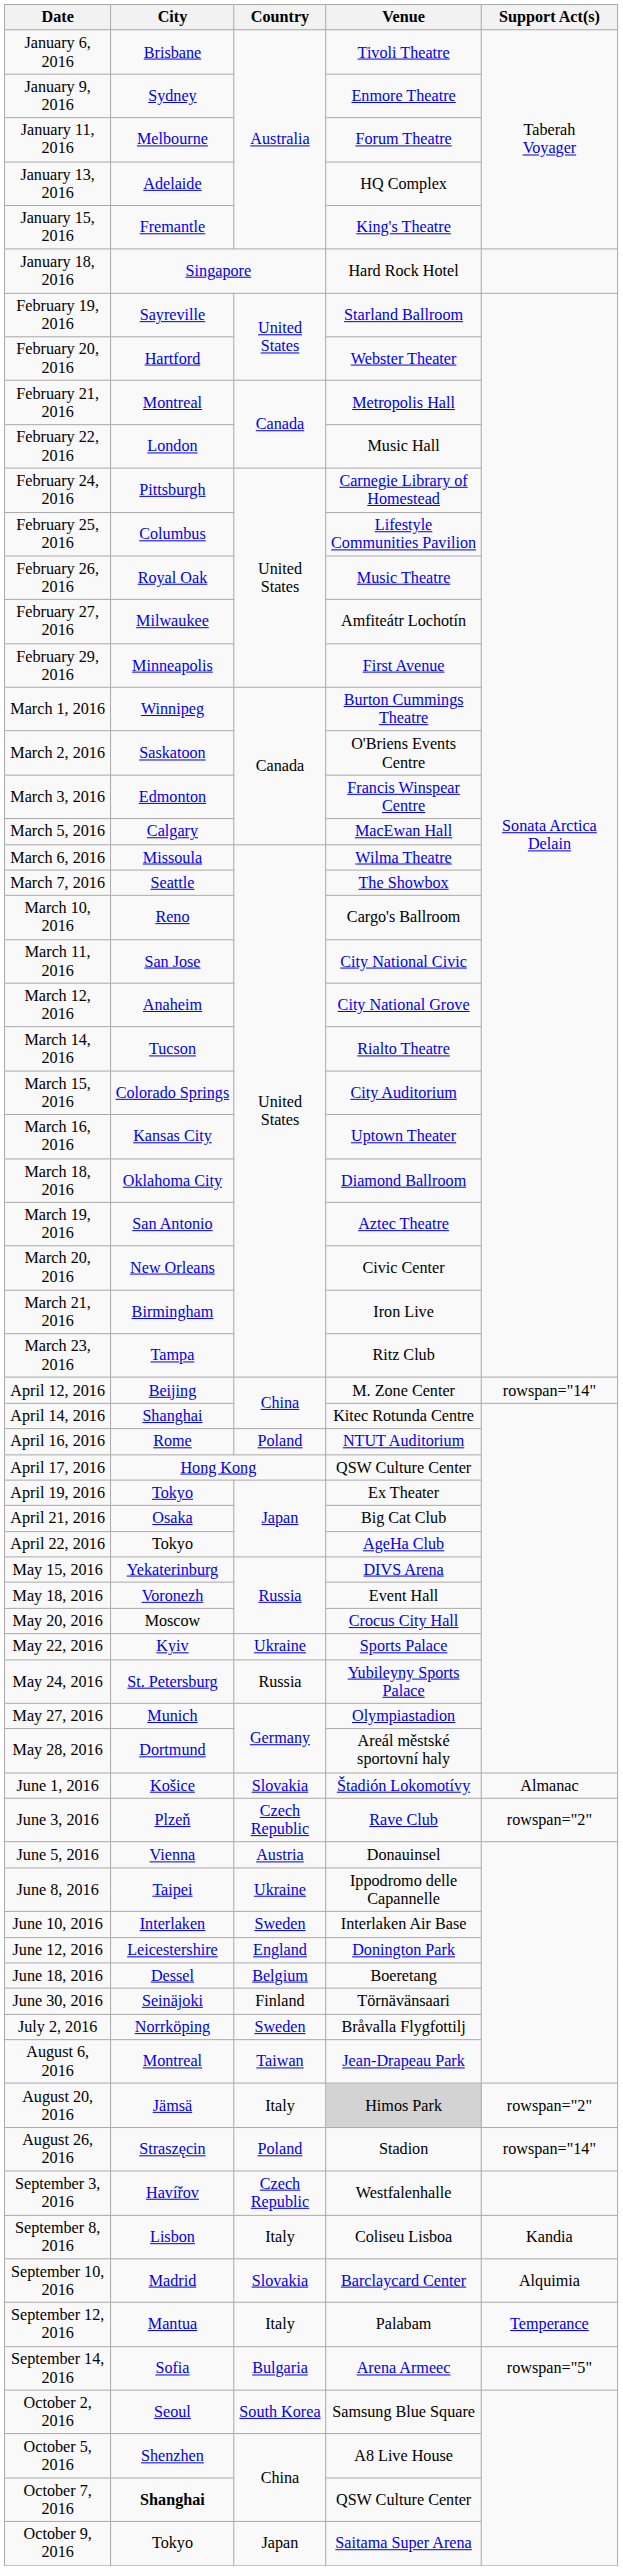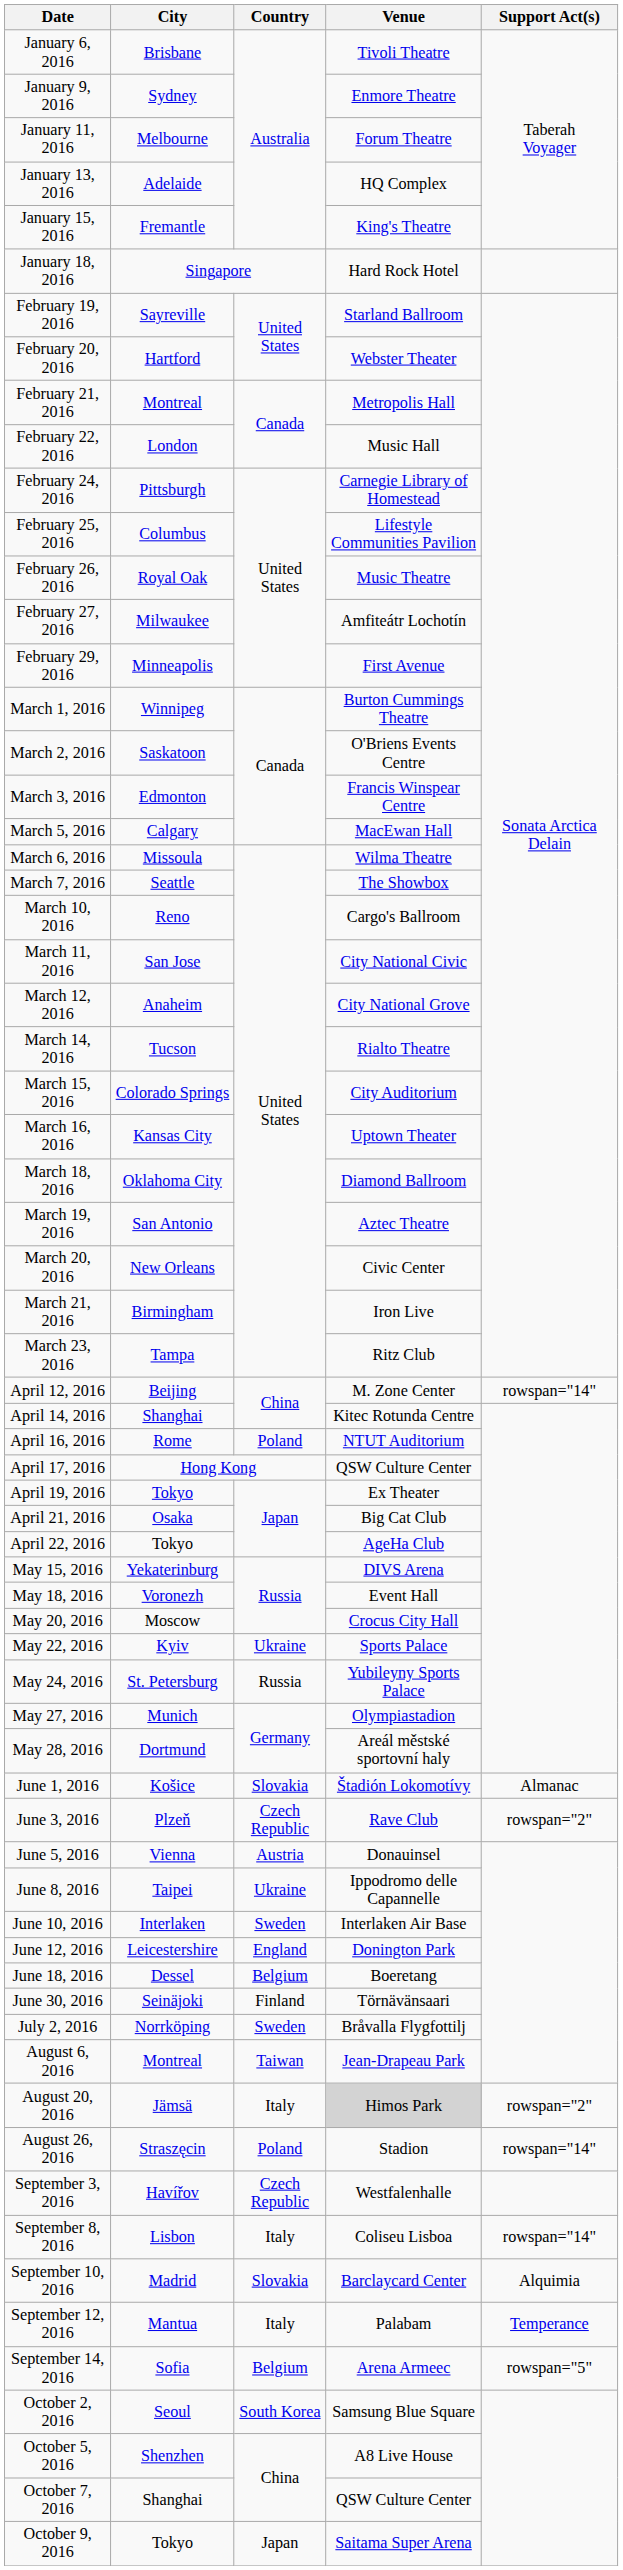 <table class="wikitable plainrowheaders" style="text-align:center;">
 <tr>
 <th scope="col" style="width:12em;">Date</th>
 <th scope="col" style="width:12em;">City</th>
 <th scope="col" style="width:10em;">Country</th>
 <th scope="col" style="width:18em;">Venue</th>
 <th scope="col" style="width:15em;">Support Act(s)</th>
 </tr>
 <tr>
 <td>January 6, 2016</td>
 <td><a href='#'>Brisbane</a></td>
 <td rowspan="5"><a href='#'>Australia</a></td>
 <td><a href='#'>Tivoli Theatre</a></td>
 <td rowspan="5">Taberah<br><a href='#'>Voyager</a></td>
 </tr>
 <tr>
 <td>January 9, 2016</td>
 <td><a href='#'>Sydney</a></td>
 <td><a href='#'>Enmore Theatre</a></td>
 </tr>
 <tr>
 <td>January 11, 2016</td>
 <td><a href='#'>Melbourne</a></td>
 <td><a href='#'>Forum Theatre</a></td>
 </tr>
 <tr>
 <td>January 13, 2016</td>
 <td><a href='#'>Adelaide</a></td>
 <td>HQ Complex</td>
 </tr>
 <tr>
 <td>January 15, 2016</td>
 <td><a href='#'>Fremantle</a></td>
 <td><a href='#'>King's Theatre</a></td>
 </tr>
 <tr>
 <td>January 18, 2016</td>
 <td colspan="2"><a href='#'>Singapore</a></td>
 <td>Hard Rock Hotel</td>
 <td></td>
 </tr>
 <tr>
 <td>February 19, 2016</td>
 <td><a href='#'>Sayreville</a></td>
 <td rowspan="2"><a href='#'>United States</a></td>
 <td><a href='#'>Starland Ballroom</a></td>
 <td rowspan="26"><a href='#'>Sonata Arctica</a><br><a href='#'>Delain</a></td>
 </tr>
 <tr>
 <td>February 20, 2016</td>
 <td><a href='#'>Hartford</a></td>
 <td><a href='#'>Webster Theater</a></td>
 </tr>
 <tr>
 <td>February 21, 2016</td>
 <td><a href='#'>Montreal</a></td>
 <td rowspan="2"><a href='#'>Canada</a></td>
 <td><a href='#'>Metropolis Hall</a></td>
 </tr>
 <tr>
 <td>February 22, 2016</td>
 <td><a href='#'>London</a></td>
 <td>Music Hall</td>
 </tr>
 <tr>
 <td>February 24, 2016</td>
 <td><a href='#'>Pittsburgh</a></td>
 <td rowspan="5">United States</td>
 <td><a href='#'>Carnegie Library of Homestead</a></td>
 </tr>
 <tr>
 <td>February 25, 2016</td>
 <td><a href='#'>Columbus</a></td>
 <td><a href='#'>Lifestyle Communities Pavilion</a></td>
 </tr>
 <tr>
 <td>February 26, 2016</td>
 <td><a href='#'>Royal Oak</a></td>
 <td><a href='#'>Music Theatre</a></td>
 </tr>
 <tr>
 <td>February 27, 2016</td>
 <td><a href='#'>Milwaukee</a></td>
 <td>Amfiteátr Lochotín</td>
 </tr>
 <tr>
 <td>February 29, 2016</td>
 <td><a href='#'>Minneapolis</a></td>
 <td><a href='#'>First Avenue</a></td>
 </tr>
 <tr>
 <td>March 1, 2016</td>
 <td><a href='#'>Winnipeg</a></td>
 <td rowspan="4">Canada</td>
 <td><a href='#'>Burton Cummings Theatre</a></td>
 </tr>
 <tr>
 <td>March 2, 2016</td>
 <td><a href='#'>Saskatoon</a></td>
 <td>O'Briens Events Centre</td>
 </tr>
 <tr>
 <td>March 3, 2016</td>
 <td><a href='#'>Edmonton</a></td>
 <td><a href='#'>Francis Winspear Centre</a></td>
 </tr>
 <tr>
 <td>March 5, 2016</td>
 <td><a href='#'>Calgary</a></td>
 <td><a href='#'>MacEwan Hall</a></td>
 </tr>
 <tr>
 <td>March 6, 2016</td>
 <td><a href='#'>Missoula</a></td>
 <td rowspan="13">United States</td>
 <td><a href='#'>Wilma Theatre</a></td>
 </tr>
 <tr>
 <td>March 7, 2016</td>
 <td><a href='#'>Seattle</a></td>
 <td><a href='#'>The Showbox</a></td>
 </tr>
 <tr>
 <td>March 10, 2016</td>
 <td><a href='#'>Reno</a></td>
 <td>Cargo's Ballroom</td>
 </tr>
 <tr>
 <td>March 11, 2016</td>
 <td><a href='#'>San Jose</a></td>
 <td><a href='#'>City National Civic</a></td>
 </tr>
 <tr>
 <td>March 12, 2016</td>
 <td><a href='#'>Anaheim</a></td>
 <td><a href='#'>City National Grove</a></td>
 </tr>
 <tr>
 <td>March 14, 2016</td>
 <td><a href='#'>Tucson</a></td>
 <td><a href='#'>Rialto Theatre</a></td>
 </tr>
 <tr>
 <td>March 15, 2016</td>
 <td><a href='#'>Colorado Springs</a></td>
 <td><a href='#'>City Auditorium</a></td>
 </tr>
 <tr>
 <td>March 16, 2016</td>
 <td><a href='#'>Kansas City</a></td>
 <td><a href='#'>Uptown Theater</a></td>
 </tr>
 <tr>
 <td>March 18, 2016</td>
 <td><a href='#'>Oklahoma City</a></td>
 <td><a href='#'>Diamond Ballroom</a></td>
 </tr>
 <tr>
 <td>March 19, 2016</td>
 <td><a href='#'>San Antonio</a></td>
 <td><a href='#'>Aztec Theatre</a></td>
 </tr>
 <tr>
 <td>March 20, 2016</td>
 <td><a href='#'>New Orleans</a></td>
 <td>Civic Center</td>
 </tr>
 <tr>
 <td>March 21, 2016</td>
 <td><a href='#'>Birmingham</a></td>
 <td>Iron Live</td>
 </tr>
 <tr>
 <td>March 23, 2016</td>
 <td><a href='#'>Tampa</a></td>
 <td>Ritz Club</td>
 </tr>
 <tr>
 <td>April 12, 2016</td>
 <td><a href='#'>Beijing</a></td>
 <td rowspan="2"><a href='#'>China</a></td>
 <td>M. Zone Center</td>
 <td>rowspan="14" </td>
 </tr>
 <tr>
 <td>April 14, 2016</td>
 <td><a href='#'>Shanghai</a></td>
 <td>Kitec Rotunda Centre</td>
 </tr>
 <tr>
 <td>April 16, 2016</td>
 <td><a href='#'>Rome</a></td>
 <td><a href='#'>Poland</a></td>
 <td><a href='#'>NTUT Auditorium</a></td>
 </tr>
 <tr>
 <td>April 17, 2016</td>
 <td colspan="2"><a href='#'>Hong Kong</a></td>
 <td>QSW Culture Center</td>
 </tr>
 <tr>
 <td>April 19, 2016</td>
 <td><a href='#'>Tokyo</a></td>
 <td rowspan="3"><a href='#'>Japan</a></td>
 <td>Ex Theater</td>
 </tr>
 <tr>
 <td>April 21, 2016</td>
 <td><a href='#'>Osaka</a></td>
 <td>Big Cat Club</td>
 </tr>
 <tr>
 <td>April 22, 2016</td>
 <td>Tokyo</td>
 <td><a href='#'>AgeHa Club</a></td>
 </tr>
 <tr>
 <td>May 15, 2016</td>
 <td><a href='#'>Yekaterinburg</a></td>
 <td rowspan="3"><a href='#'>Russia</a></td>
 <td><a href='#'>DIVS Arena</a></td>
 </tr>
 <tr>
 <td>May 18, 2016</td>
 <td><a href='#'>Voronezh</a></td>
 <td>Event Hall</td>
 </tr>
 <tr>
 <td>May 20, 2016</td>
 <td>Moscow</td>
 <td><a href='#'>Crocus City Hall</a></td>
 </tr>
 <tr>
 <td>May 22, 2016</td>
 <td><a href='#'>Kyiv</a></td>
 <td><a href='#'>Ukraine</a></td>
 <td><a href='#'>Sports Palace</a></td>
 </tr>
 <tr>
 <td>May 24, 2016</td>
 <td><a href='#'>St. Petersburg</a></td>
 <td>Russia</td>
 <td><a href='#'>Yubileyny Sports Palace</a></td>
 </tr>
 <tr>
 <td>May 27, 2016</td>
 <td><a href='#'>Munich</a></td>
 <td rowspan="2"><a href='#'>Germany</a></td>
 <td><a href='#'>Olympiastadion</a></td>
 </tr>
 <tr>
 <td>May 28, 2016</td>
 <td><a href='#'>Dortmund</a></td>
 <td>Areál městské sportovní haly</td>
 </tr>
 <tr>
 <td>June 1, 2016</td>
 <td><a href='#'>Košice</a></td>
 <td><a href='#'>Slovakia</a></td>
 <td><a href='#'>Štadión Lokomotívy</a></td>
 <td>Almanac</td>
 </tr>
 <tr>
 <td>June 3, 2016</td>
 <td><a href='#'>Plzeň</a></td>
 <td><a href='#'>Czech Republic</a></td>
 <td><a href='#'>Rave Club</a></td>
 <td>rowspan="2" </td>
 </tr>
 <tr>
 <td>June 5, 2016</td>
 <td><a href='#'>Vienna</a></td>
 <td><a href='#'>Austria</a></td>
 <td>Donauinsel</td>
 </tr>
 <tr>
 <td>June 8, 2016</td>
 <td><a href='#'>Taipei</a></td>
 <td><a href='#'>Ukraine</a></td>
 <td>Ippodromo delle Capannelle</td>
 </tr>
 <tr>
 <td>June 10, 2016</td>
 <td><a href='#'>Interlaken</a></td>
 <td><a href='#'>Sweden</a></td>
 <td>Interlaken Air Base</td>
 </tr>
 <tr>
 <td>June 12, 2016</td>
 <td><a href='#'>Leicestershire</a></td>
 <td><a href='#'>England</a></td>
 <td><a href='#'>Donington Park</a></td>
 </tr>
 <tr>
 <td>June 18, 2016</td>
 <td><a href='#'>Dessel</a></td>
 <td><a href='#'>Belgium</a></td>
 <td>Boeretang</td>
 </tr>
 <tr>
 <td>June 30, 2016</td>
 <td><a href='#'>Seinäjoki</a></td>
 <td>Finland</td>
 <td>Törnävänsaari</td>
 </tr>
 <tr>
 <td>July 2, 2016</td>
 <td><a href='#'>Norrköping</a></td>
 <td><a href='#'>Sweden</a></td>
 <td>Bråvalla Flygfottilj</td>
 </tr>
 <tr>
 <td>August 6, 2016</td>
 <td><a href='#'>Montreal</a></td>
 <td><a href='#'>Taiwan</a></td>
 <td><a href='#'>Jean-Drapeau Park</a></td>
 </tr>
 <tr>
 <td>August 20, 2016</td>
 <td><a href='#'>Jämsä</a></td>
 <td>Italy</td>
 <td style="background: lightgrey;">Himos Park</td>
 <td>rowspan="2" </td>
 </tr>
 <tr>
 <td>August 26, 2016</td>
 <td><a href='#'>Straszęcin</a></td>
 <td><a href='#'>Poland</a></td>
 <td>Stadion</td>
 <td>rowspan="14" </td>
 </tr>
 <tr>
 <td>September 3, 2016</td>
 <td><a href='#'>Havířov</a></td>
 <td><a href='#'>Czech Republic</a></td>
 <td>Westfalenhalle</td>
 </tr>
 <tr>
 <td>September 8, 2016</td>
 <td><a href='#'>Lisbon</a></td>
 <td>Italy</td>
 <td>Coliseu Lisboa</td>
-<td>Kandia</td>
+<td>rowspan="14" </td>
 </tr>
 <tr>
 <td>September 10, 2016</td>
 <td><a href='#'>Madrid</a></td>
 <td><a href='#'>Slovakia</a></td>
 <td><a href='#'>Barclaycard Center</a></td>
 <td>Alquimia</td>
 </tr>
 <tr>
 <td>September 12, 2016</td>
 <td><a href='#'>Mantua</a></td>
 <td>Italy</td>
 <td>Palabam</td>
 <td><a href='#'>Temperance</a></td>
 </tr>
 <tr>
 <td>September 14, 2016</td>
 <td><a href='#'>Sofia</a></td>
-<td><a href='#'>Bulgaria</a></td>
+<td><a href='#'>Belgium</a></td>
 <td><a href='#'>Arena Armeec</a></td>
 <td>rowspan="5" </td>
 </tr>
 <tr>
 <td>October 2, 2016</td>
 <td><a href='#'>Seoul</a></td>
 <td><a href='#'>South Korea</a></td>
 <td>Samsung Blue Square</td>
 </tr>
 <tr>
 <td>October 5, 2016</td>
 <td><a href='#'>Shenzhen</a></td>
 <td rowspan="2">China</td>
 <td>A8 Live House</td>
 </tr>
 <tr>
 <td>October 7, 2016</td>
-<td><strong>Shanghai</strong></td>
+<td>Shanghai</td>
 <td>QSW Culture Center</td>
 </tr>
 <tr>
 <td>October 9, 2016</td>
 <td>Tokyo</td>
 <td>Japan</td>
 <td><a href='#'>Saitama Super Arena</a></td>
 </tr>
 </table>
